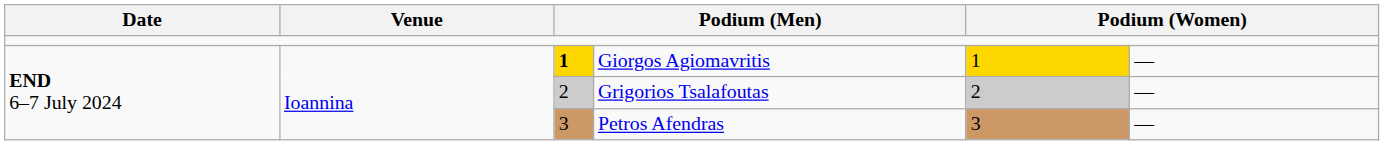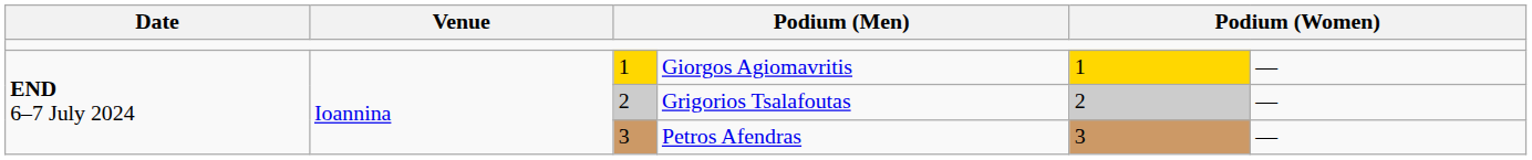 <table class="wikitable" width=70%>
 <tr>
 <th>Date</th>
 <th width=20%>Venue</th>
 <th colspan=2 width=30%>Podium (Men)</th>
 <th colspan=2 width=30%>Podium (Women)</th>
 </tr>
 <tr>
 <td colspan=6></td>
 </tr>
 <tr>
 <td rowspan=3><strong>END</strong> <br> 6–7 July 2024</td>
 <td rowspan=3><br><a href='#'>Ioannina</a></td>
-<td bgcolor=FFD700><strong>1</strong></td>
+<td bgcolor=FFD700>1</td>
 <td><a href='#'>Giorgos Agiomavritis</a></td>
 <td bgcolor=FFD700>1</td>
 <td>—</td>
 </tr>
 <tr>
 <td bgcolor=CCCCCC>2</td>
 <td><a href='#'>Grigorios Tsalafoutas</a></td>
 <td bgcolor=CCCCCC>2</td>
 <td>—</td>
 </tr>
 <tr>
 <td bgcolor=CC9966>3</td>
 <td><a href='#'>Petros Afendras</a></td>
 <td bgcolor=CC9966>3</td>
 <td>—</td>
 </tr>
 </table>
